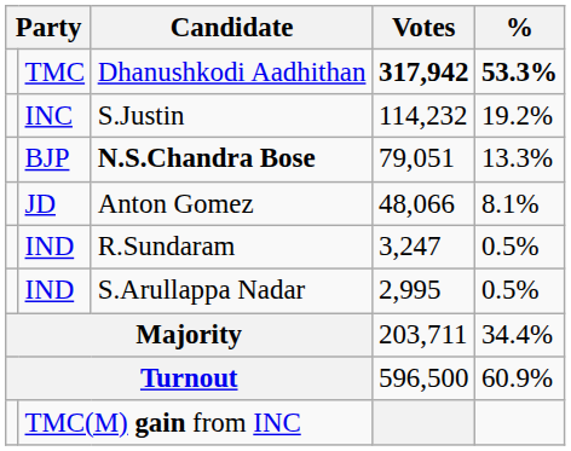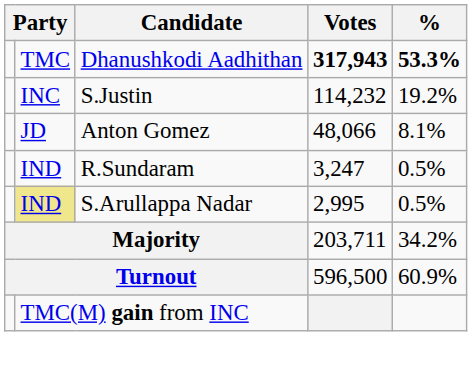 <table class="wikitable">
 <tr>
 <th colspan="2">Party</th>
 <th>Candidate</th>
 <th>Votes</th>
 <th>%</th>
 </tr>
 <tr>
 <td></td>
 <td><a href='#'>TMC</a></td>
 <td><a href='#'>Dhanushkodi Aadhithan</a></td>
-<td><strong>317,942</strong></td>
+<td><strong>317,943</strong></td>
 <td><strong>53.3%</strong></td>
 </tr>
 <tr>
 <td></td>
 <td><a href='#'>INC</a></td>
 <td>S.Justin</td>
 <td>114,232</td>
 <td>19.2%</td>
-</tr>
-<tr>
-<td></td>
-<td><a href='#'>BJP</a></td>
-<td><strong>N.S.Chandra Bose</strong></td>
-<td>79,051</td>
-<td>13.3%</td>
 </tr>
 <tr>
 <td></td>
 <td><a href='#'>JD</a></td>
 <td>Anton Gomez</td>
 <td>48,066</td>
 <td>8.1%</td>
 </tr>
 <tr>
 <td></td>
 <td><a href='#'>IND</a></td>
 <td>R.Sundaram</td>
 <td>3,247</td>
 <td>0.5%</td>
 </tr>
 <tr>
 <td></td>
-<td><a href='#'>IND</a></td>
+<td style="background: khaki;"><a href='#'>IND</a></td>
 <td>S.Arullappa Nadar</td>
 <td>2,995</td>
 <td>0.5%</td>
 </tr>
 <tr>
 <th colspan="3">Majority</th>
 <td>203,711</td>
-<td>34.4%</td>
+<td>34.2%</td>
 </tr>
 <tr>
 <th colspan="3"><a href='#'>Turnout</a></th>
 <td>596,500</td>
 <td>60.9%</td>
 </tr>
 <tr>
 <td></td>
 <td colspan="2"><a href='#'>TMC(M)</a> <strong>gain</strong> from <a href='#'>INC</a></td>
 <th></th>
 <td></td>
 </tr>
 </table>
